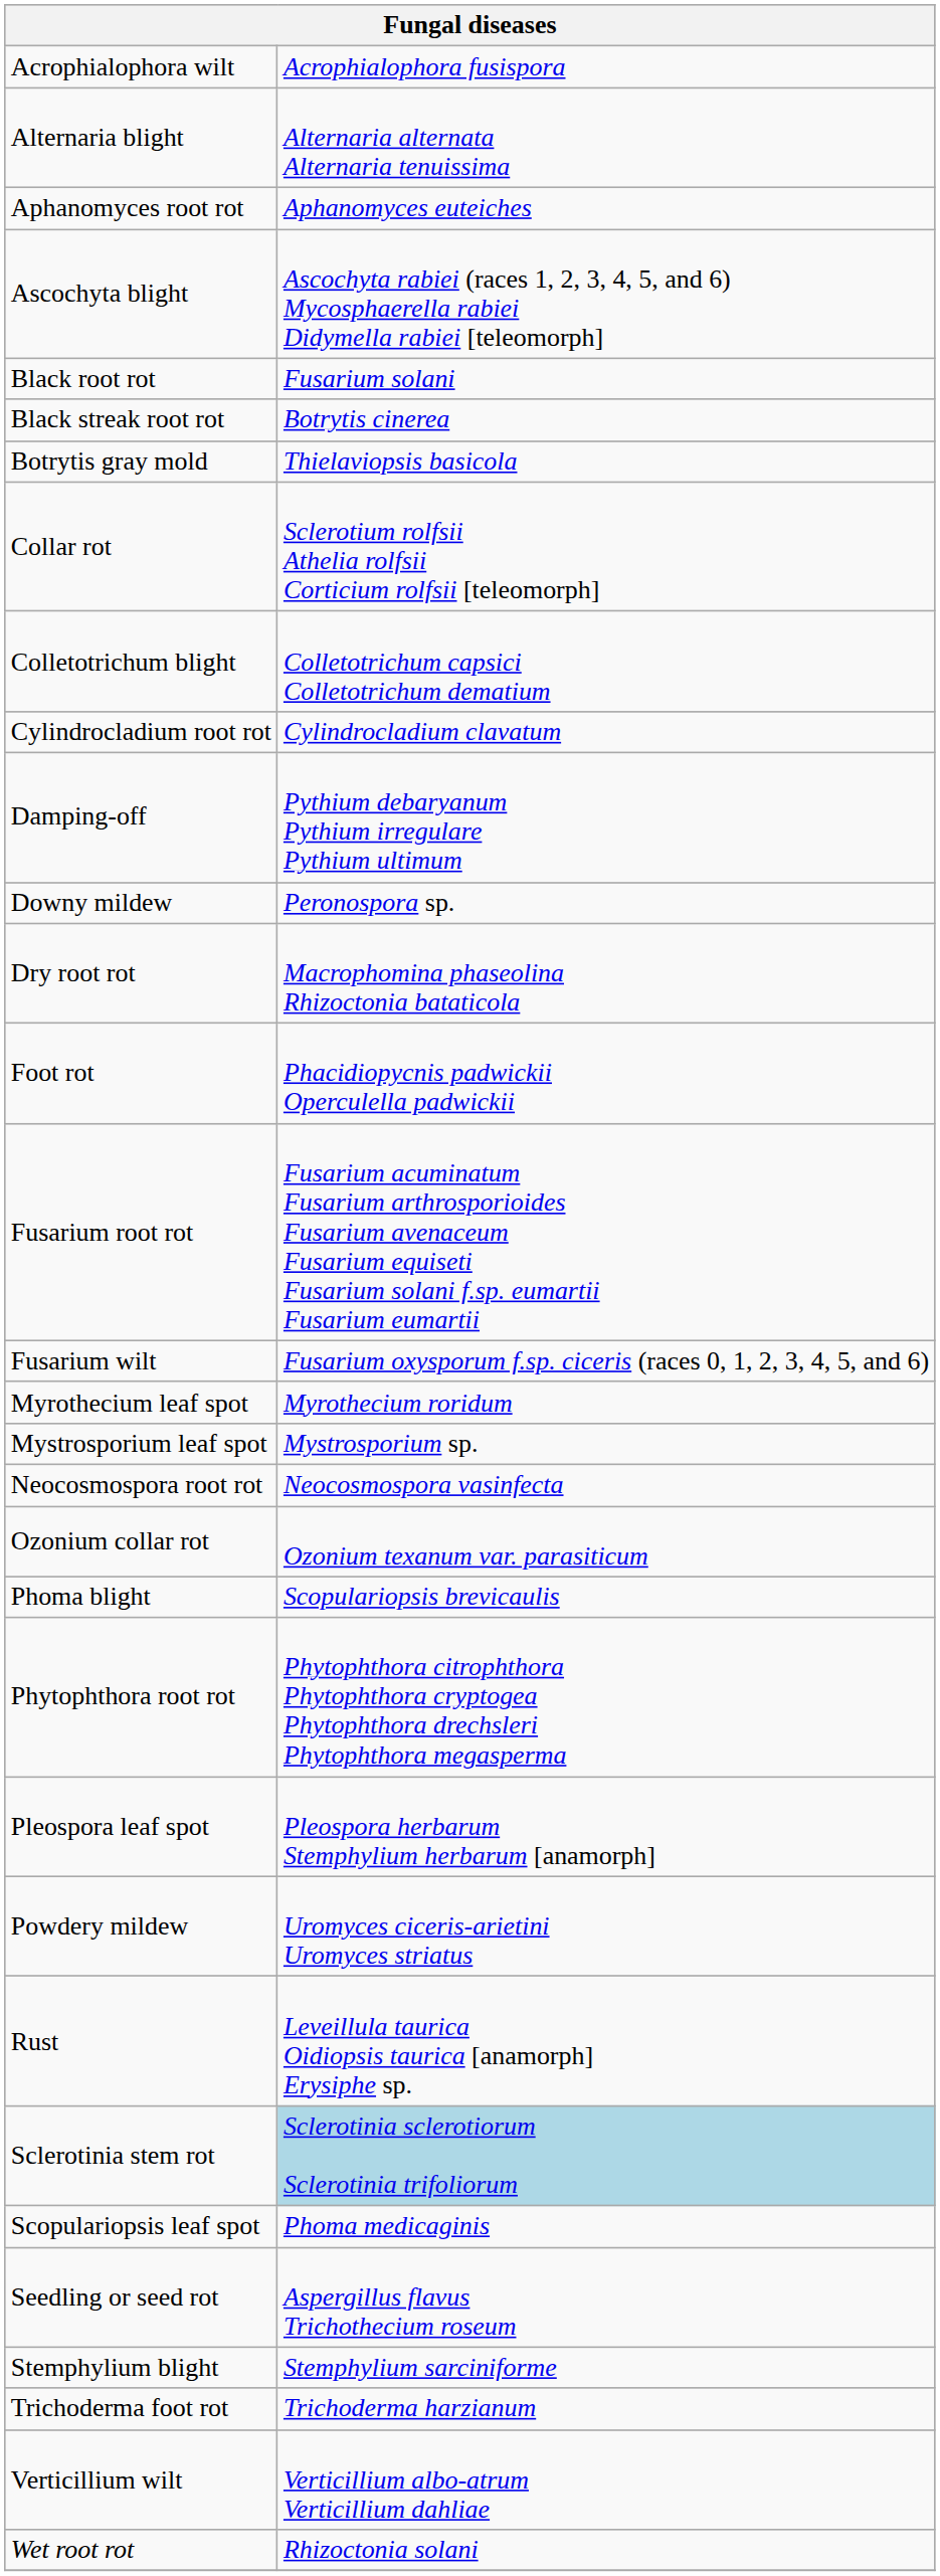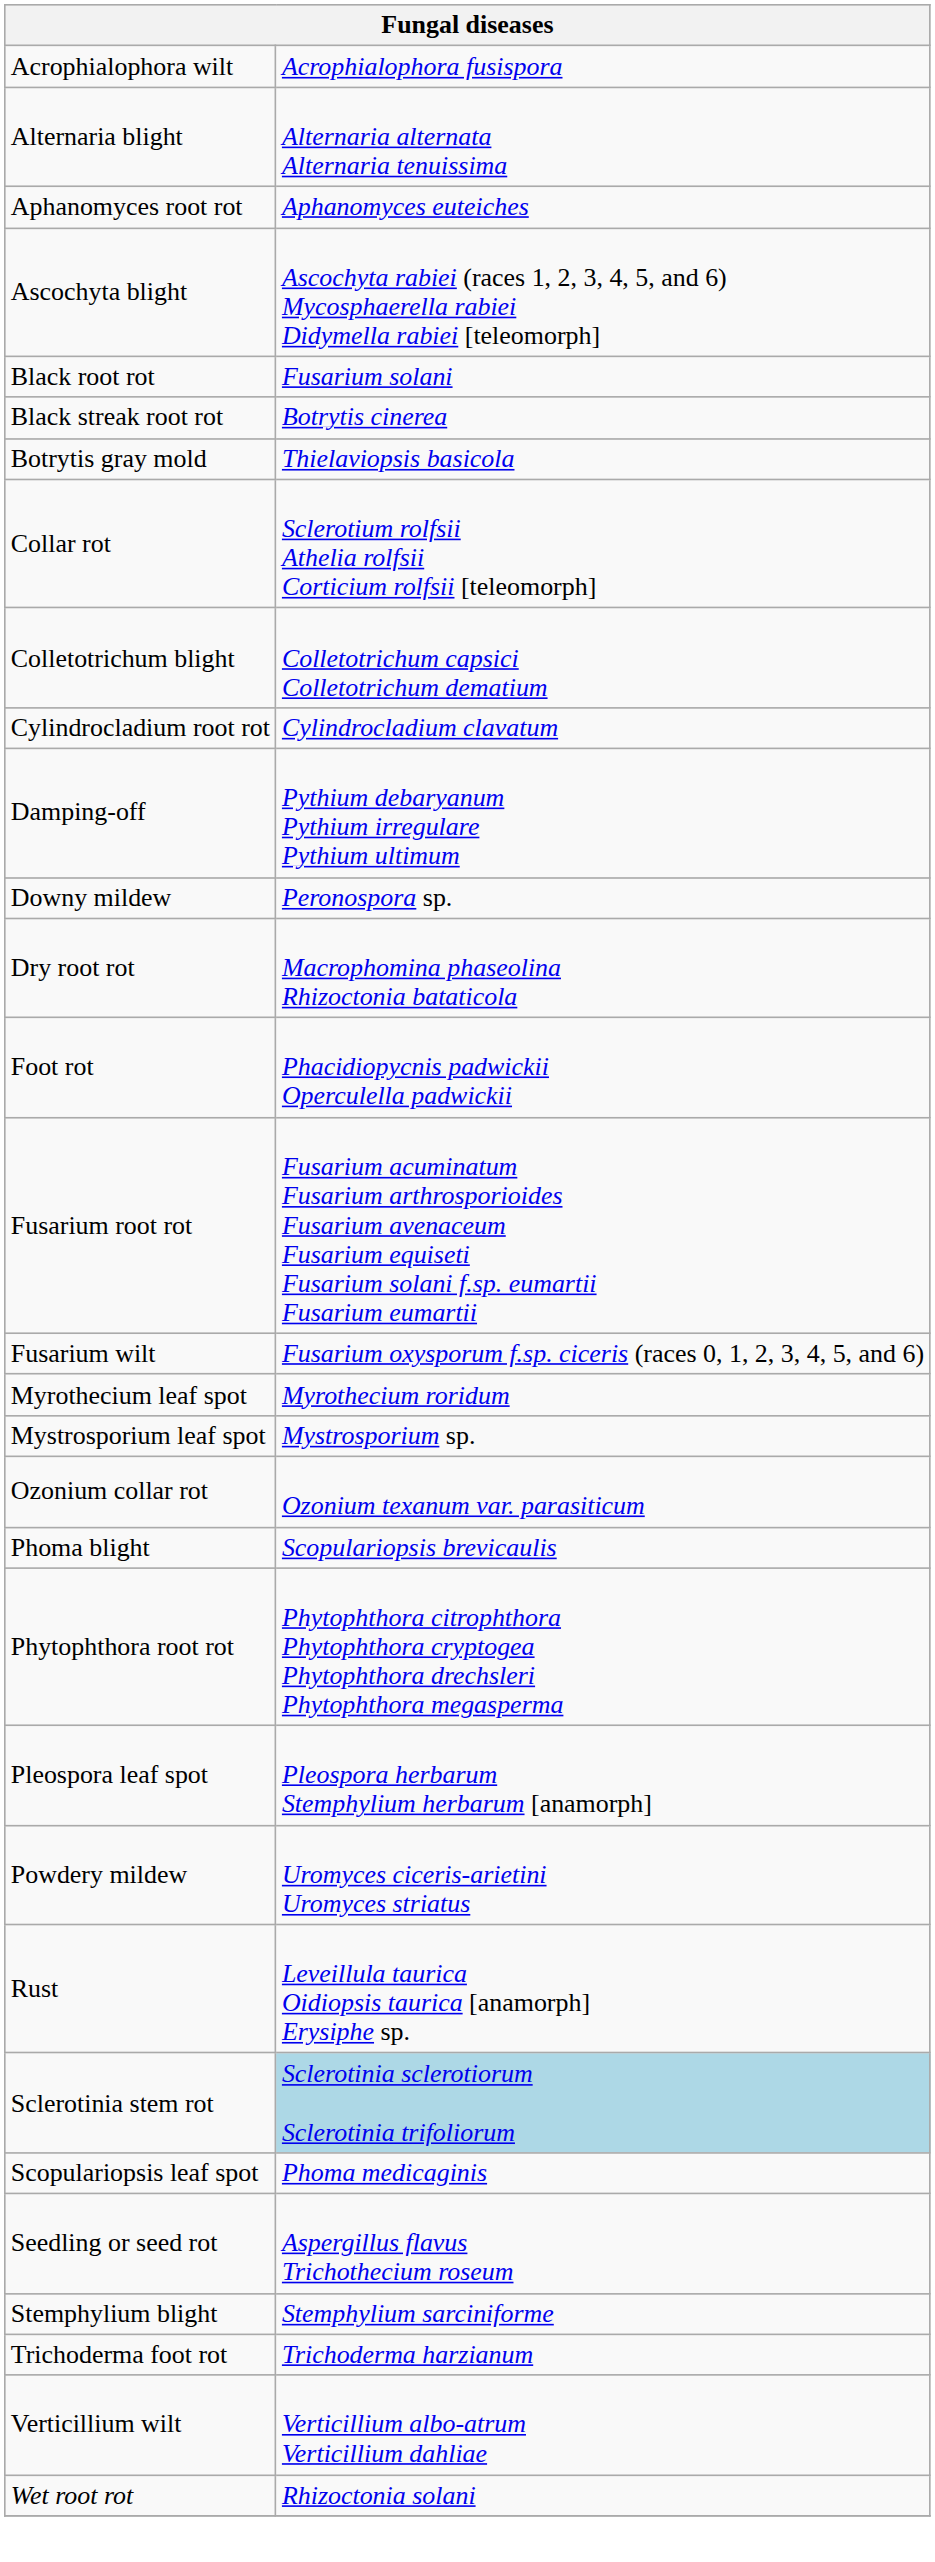 <table class="wikitable" style="clear">
 <tr>
 <th colspan=2><strong>Fungal diseases</strong><br></th>
 </tr>
 <tr>
 <td>Acrophialophora wilt</td>
 <td><em><a href='#'>Acrophialophora fusispora</a></em></td>
 </tr>
 <tr>
 <td>Alternaria blight</td>
 <td><br><em><a href='#'>Alternaria alternata</a></em><br> <em><a href='#'>Alternaria tenuissima</a></em></td>
 </tr>
 <tr>
 <td>Aphanomyces root rot</td>
 <td><em><a href='#'>Aphanomyces euteiches</a></em></td>
 </tr>
 <tr>
 <td>Ascochyta blight</td>
 <td><br><em><a href='#'>Ascochyta rabiei</a></em> (races 1, 2, 3, 4, 5, and 6) <br> <em><a href='#'>Mycosphaerella rabiei</a></em> <br>  <em><a href='#'>Didymella rabiei</a></em> [teleomorph]</td>
 </tr>
 <tr>
 <td>Black root rot</td>
 <td><em><a href='#'>Fusarium solani</a></em></td>
 </tr>
 <tr>
 <td>Black streak root rot</td>
 <td><em><a href='#'>Botrytis cinerea</a></em></td>
 </tr>
 <tr>
 <td>Botrytis gray mold</td>
 <td><em><a href='#'>Thielaviopsis basicola</a></em></td>
 </tr>
 <tr>
 <td>Collar rot</td>
 <td><br><em><a href='#'>Sclerotium rolfsii</a></em><br> <em><a href='#'>Athelia rolfsii</a></em> <br>  <em><a href='#'>Corticium rolfsii</a></em> [teleomorph]</td>
 </tr>
 <tr>
 <td>Colletotrichum blight</td>
 <td><br><em><a href='#'>Colletotrichum capsici</a></em><br> <em><a href='#'>Colletotrichum dematium</a></em></td>
 </tr>
 <tr>
 <td>Cylindrocladium root rot</td>
 <td><em><a href='#'>Cylindrocladium clavatum</a></em></td>
 </tr>
 <tr>
 <td>Damping-off</td>
 <td><br><em><a href='#'>Pythium debaryanum</a></em><br> <em><a href='#'>Pythium irregulare</a></em><br> <em><a href='#'>Pythium ultimum</a></em></td>
 </tr>
 <tr>
 <td>Downy mildew</td>
 <td><em><a href='#'>Peronospora</a></em> sp.</td>
 </tr>
 <tr>
 <td>Dry root rot</td>
 <td><br><em><a href='#'>Macrophomina phaseolina</a></em> <br>  <em><a href='#'>Rhizoctonia bataticola</a></em></td>
 </tr>
 <tr>
 <td>Foot rot</td>
 <td><br><em><a href='#'>Phacidiopycnis padwickii</a></em> <br>  <em><a href='#'>Operculella padwickii</a></em></td>
 </tr>
 <tr>
 <td>Fusarium root rot</td>
 <td><br><em><a href='#'>Fusarium acuminatum</a></em><br> <em><a href='#'>Fusarium arthrosporioides</a></em><br> <em><a href='#'>Fusarium avenaceum</a></em><br> <em><a href='#'>Fusarium equiseti</a></em><br> <em><a href='#'>Fusarium solani f.sp. eumartii</a></em> <br>  <em><a href='#'>Fusarium eumartii</a></em></td>
 </tr>
 <tr>
 <td>Fusarium wilt</td>
 <td><em><a href='#'>Fusarium oxysporum f.sp. ciceris</a></em> (races 0, 1, 2, 3, 4, 5, and 6)</td>
 </tr>
 <tr>
 <td>Myrothecium leaf spot</td>
 <td><em><a href='#'>Myrothecium roridum</a></em></td>
 </tr>
 <tr>
 <td>Mystrosporium leaf spot</td>
 <td><em><a href='#'>Mystrosporium</a></em> sp.</td>
 </tr>
 <tr>
-<td>Neocosmospora root rot</td>
-<td><em><a href='#'>Neocosmospora vasinfecta</a></em></td>
-</tr>
-<tr>
 <td>Ozonium collar rot</td>
 <td><br><em><a href='#'>Ozonium texanum var. parasiticum</a></em></td>
 </tr>
 <tr>
 <td>Phoma blight</td>
 <td><em><a href='#'>Scopulariopsis brevicaulis</a></em></td>
 </tr>
 <tr>
 <td>Phytophthora root rot</td>
 <td><br><em><a href='#'>Phytophthora citrophthora</a></em><br> <em><a href='#'>Phytophthora cryptogea</a></em><br> <em><a href='#'>Phytophthora drechsleri</a></em><br> <em><a href='#'>Phytophthora megasperma</a></em></td>
 </tr>
 <tr>
 <td>Pleospora leaf spot</td>
 <td><br><em><a href='#'>Pleospora herbarum</a></em> <br> <em><a href='#'>Stemphylium herbarum</a></em> [anamorph]</td>
 </tr>
 <tr>
 <td>Powdery mildew</td>
 <td><br><em><a href='#'>Uromyces ciceris-arietini</a></em><br> <em><a href='#'>Uromyces striatus</a></em></td>
 </tr>
 <tr>
 <td>Rust</td>
 <td><br><em><a href='#'>Leveillula taurica</a></em><br> <em><a href='#'>Oidiopsis taurica</a></em> [anamorph]<br> <em><a href='#'>Erysiphe</a></em> sp.</td>
 </tr>
 <tr>
 <td>Sclerotinia stem rot</td>
 <td style="background: lightblue;"><em><a href='#'>Sclerotinia sclerotiorum</a></em><br><br><em><a href='#'>Sclerotinia trifoliorum</a></em></td>
 </tr>
 <tr>
 <td>Scopulariopsis leaf spot</td>
 <td><em><a href='#'>Phoma medicaginis</a></em></td>
 </tr>
 <tr>
 <td>Seedling or seed rot</td>
 <td><br><em><a href='#'>Aspergillus flavus</a></em><br> <em><a href='#'>Trichothecium roseum</a></em></td>
 </tr>
 <tr>
 <td>Stemphylium blight</td>
 <td><em><a href='#'>Stemphylium sarciniforme</a></em></td>
 </tr>
 <tr>
 <td>Trichoderma foot rot</td>
 <td><em><a href='#'>Trichoderma harzianum</a></em></td>
 </tr>
 <tr>
 <td>Verticillium wilt</td>
 <td><br><em><a href='#'>Verticillium albo-atrum</a></em><br> <em><a href='#'>Verticillium dahliae</a></em></td>
 </tr>
 <tr>
 <td><em>Wet root rot</em></td>
 <td><em><a href='#'>Rhizoctonia solani</a></em></td>
 </tr>
 <tr>
 </tr>
 </table>
